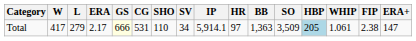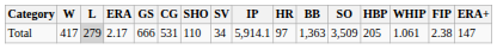 <table class="wikitable">
 <tr>
 <th>Category</th>
 <th>W</th>
 <th>L</th>
 <th>ERA</th>
 <th>GS</th>
 <th>CG</th>
 <th>SHO</th>
 <th>SV</th>
 <th>IP</th>
 <th>HR</th>
 <th>BB</th>
 <th>SO</th>
 <th>HBP</th>
 <th>WHIP</th>
 <th>FIP</th>
 <th>ERA+</th>
 </tr>
 <tr>
 <td>Total</td>
 <td>417</td>
-<td>279</td>
+<td style="background: lightgrey;">279</td>
 <td>2.17</td>
-<td style="background: lightyellow;">666</td>
+<td>666</td>
 <td>531</td>
 <td>110</td>
 <td>34</td>
 <td>5,914.1</td>
 <td>97</td>
 <td>1,363</td>
 <td>3,509</td>
-<td style="background: lightblue;">205</td>
+<td>205</td>
 <td>1.061</td>
 <td>2.38</td>
 <td>147</td>
 </tr>
 </table>
